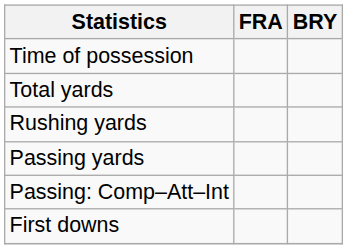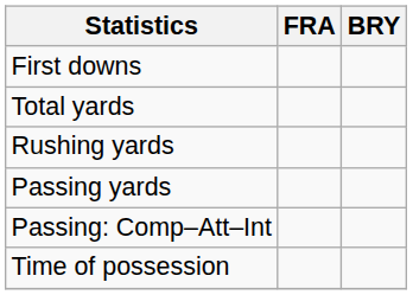 <table class="wikitable" style="float: left;">
 <tr>
 <th>Statistics</th>
 <th>FRA</th>
 <th>BRY</th>
 </tr>
 <tr>
-<td>Time of possession</td>
+<td>First downs</td>
 <td></td>
 <td></td>
 </tr>
 <tr>
 <td>Total yards</td>
 <td></td>
 <td></td>
 </tr>
 <tr>
 <td>Rushing yards</td>
 <td></td>
 <td></td>
 </tr>
 <tr>
 <td>Passing yards</td>
 <td></td>
 <td></td>
 </tr>
 <tr>
 <td>Passing: Comp–Att–Int</td>
 <td></td>
 <td></td>
 </tr>
 <tr>
-<td>First downs</td>
+<td>Time of possession</td>
 <td></td>
 <td></td>
 </tr>
 <tr>
 </tr>
 </table>
